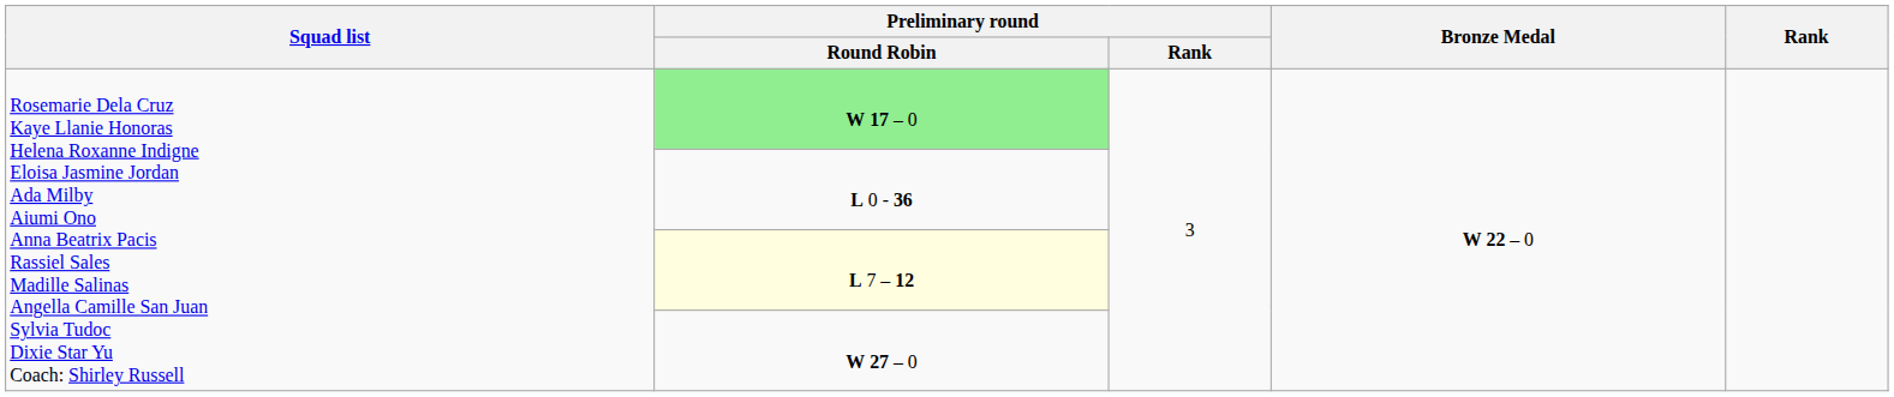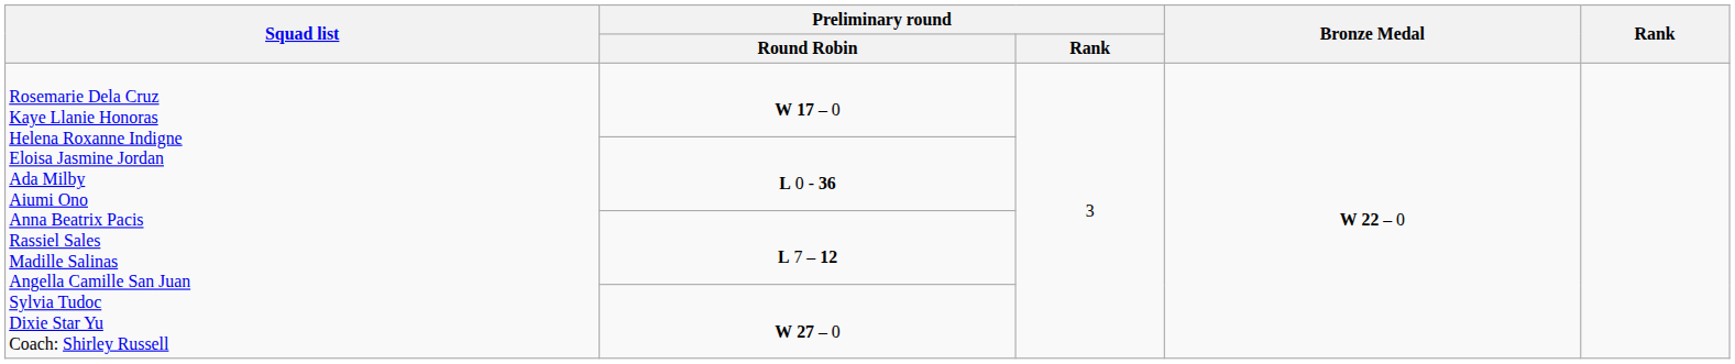 <table class="wikitable" width="90%" style="text-align:left; font-size:90%">
 <tr>
 <th rowspan="2" width="20%"><a href='#'>Squad list</a></th>
 <th colspan="2">Preliminary round</th>
 <th rowspan="2" width="14%">Bronze Medal</th>
 <th rowspan="2" width="5%">Rank</th>
 </tr>
 <tr>
 <th width="14%">Round Robin</th>
 <th width="5%">Rank</th>
 </tr>
 <tr>
 <td rowspan="4"><br><a href='#'>Rosemarie Dela Cruz</a><br> <a href='#'>Kaye Llanie Honoras</a><br> <a href='#'>Helena Roxanne Indigne</a><br> <a href='#'>Eloisa Jasmine Jordan</a> <br> <a href='#'>Ada Milby</a> <br> <a href='#'>Aiumi Ono</a> <br> <a href='#'>Anna Beatrix Pacis</a><br> <a href='#'>Rassiel Sales</a><br> <a href='#'>Madille Salinas</a><br> <a href='#'>Angella Camille San Juan</a><br> <a href='#'>Sylvia Tudoc</a><br> <a href='#'>Dixie Star Yu</a> <br> Coach:  <a href='#'>Shirley Russell</a></td>
-<td align=center style="background: lightgreen;"><br> <strong>W</strong> <strong>17</strong> – 0</td>
+<td align=center><br> <strong>W</strong> <strong>17</strong> – 0</td>
 <td rowspan=4 align=center>3 <strong></strong></td>
 <td rowspan=4 align=center> <br> <strong>W</strong> <strong>22</strong> – 0</td>
 <td rowspan=4 align=center></td>
 </tr>
 <tr>
 <td align=center><br> <strong>L</strong> 0 - <strong>36</strong></td>
 </tr>
 <tr>
-<td align=center style="background: lightyellow;"><br> <strong>L</strong> 7 – <strong>12</strong></td>
+<td align=center><br> <strong>L</strong> 7 – <strong>12</strong></td>
 </tr>
 <tr>
 <td align=center><br> <strong>W</strong> <strong>27</strong> – 0</td>
 </tr>
 </table>
